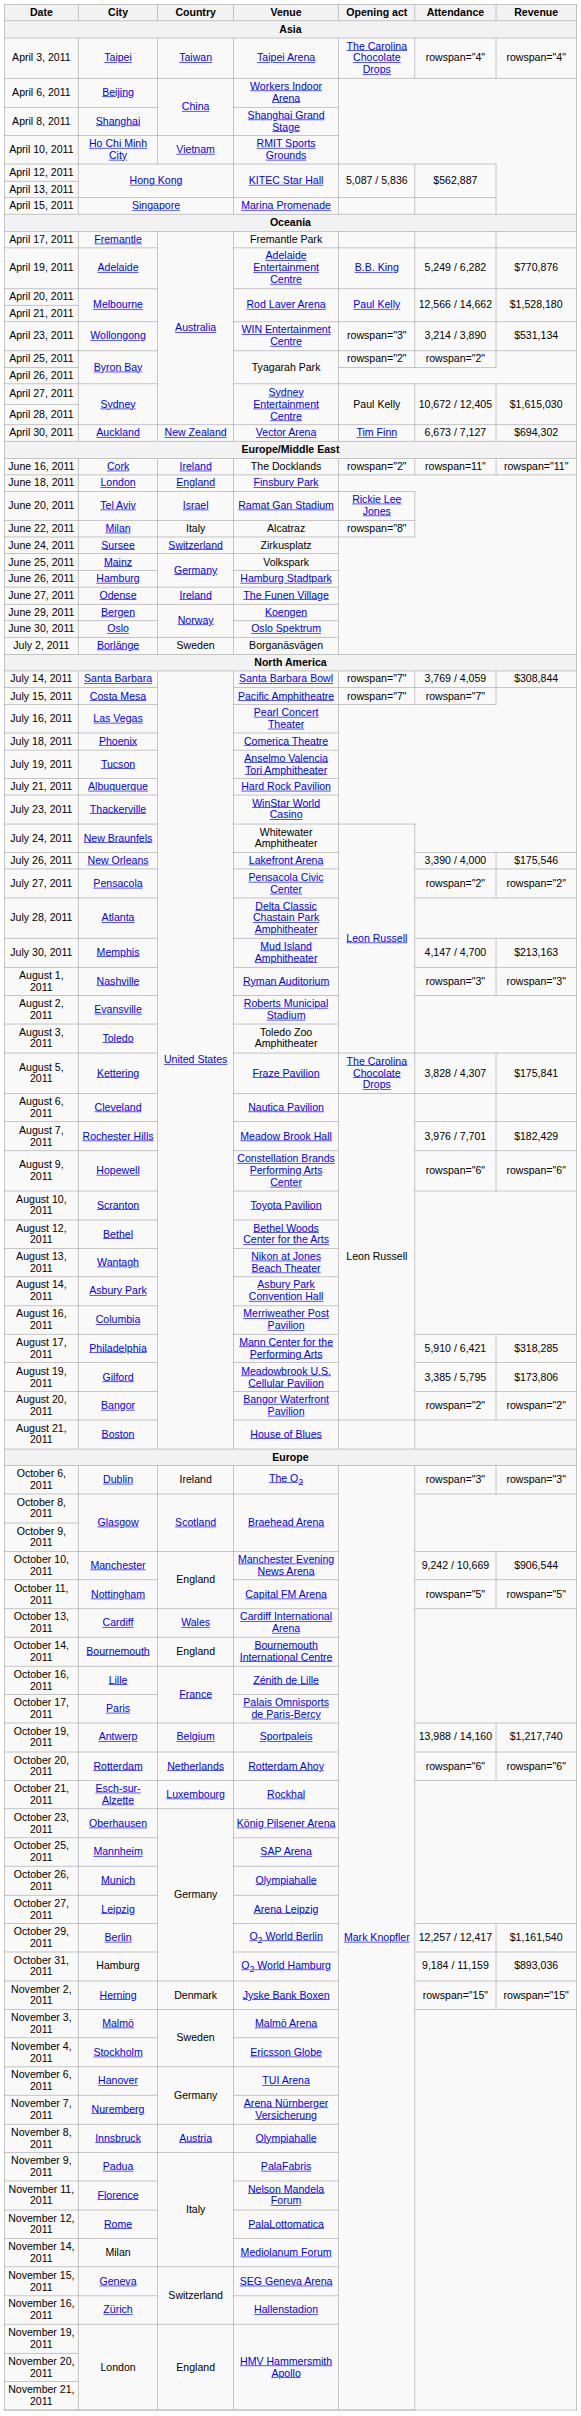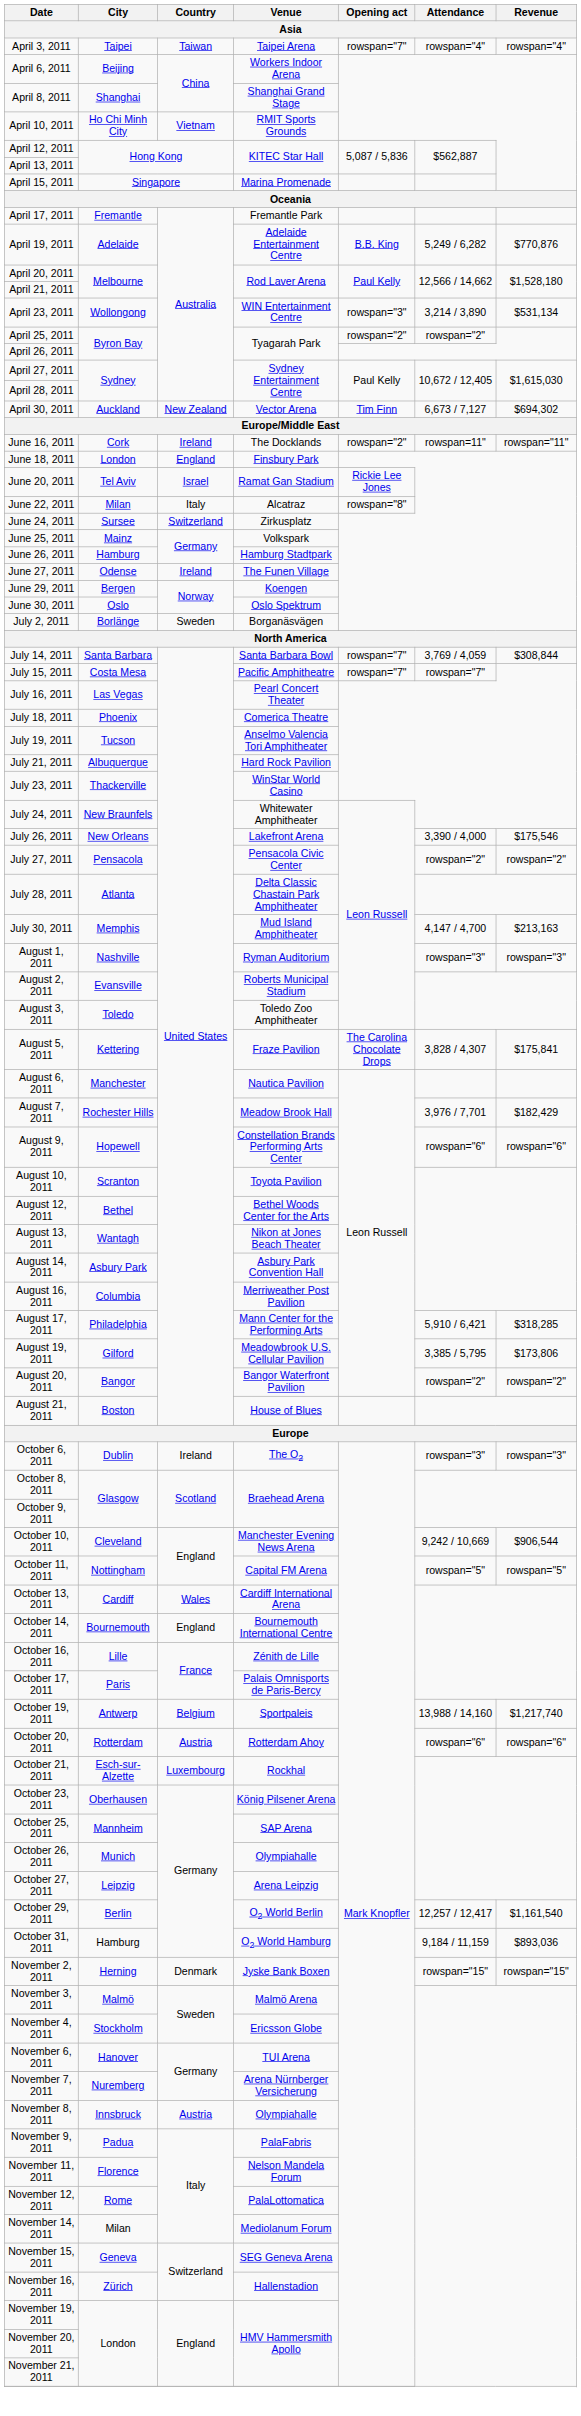 <table class="wikitable plainrowheaders" style="text-align:center;">
 <tr>
 <th scope="col" style="width:12em;">Date</th>
 <th scope="col" style="width:10em;">City</th>
 <th scope="col" style="width:10em;">Country</th>
 <th scope="col" style="width:16em;">Venue</th>
 <th scope="col" style="width:10em;">Opening act</th>
 <th scope="col" style="width:10em;">Attendance</th>
 <th scope="col" style="width:10em;">Revenue</th>
 </tr>
 <tr>
 <th colspan="7">Asia</th>
 </tr>
 <tr>
 <td>April 3, 2011</td>
 <td><a href='#'>Taipei</a></td>
 <td><a href='#'>Taiwan</a></td>
 <td><a href='#'>Taipei Arena</a></td>
-<td><a href='#'>The Carolina Chocolate Drops</a></td>
+<td>rowspan="7" </td>
 <td>rowspan="4" </td>
 <td>rowspan="4" </td>
 </tr>
 <tr>
 <td>April 6, 2011</td>
 <td><a href='#'>Beijing</a></td>
 <td rowspan="2"><a href='#'>China</a></td>
 <td><a href='#'>Workers Indoor Arena</a></td>
 </tr>
 <tr>
 <td>April 8, 2011</td>
 <td><a href='#'>Shanghai</a></td>
 <td><a href='#'>Shanghai Grand Stage</a></td>
 </tr>
 <tr>
 <td>April 10, 2011</td>
 <td><a href='#'>Ho Chi Minh City</a></td>
 <td><a href='#'>Vietnam</a></td>
 <td><a href='#'>RMIT Sports Grounds</a></td>
 </tr>
 <tr>
 <td>April 12, 2011</td>
 <td colspan="2" rowspan="2"><a href='#'>Hong Kong</a></td>
 <td rowspan="2"><a href='#'>KITEC Star Hall</a></td>
 <td rowspan="2">5,087 / 5,836</td>
 <td rowspan="2">$562,887</td>
 </tr>
 <tr>
 <td>April 13, 2011</td>
 </tr>
 <tr>
 <td>April 15, 2011</td>
 <td colspan="2"><a href='#'>Singapore</a></td>
 <td><a href='#'>Marina Promenade</a></td>
 <td></td>
 <td></td>
 </tr>
 <tr>
 <th colspan="7">Oceania</th>
 </tr>
 <tr>
 <td>April 17, 2011</td>
 <td><a href='#'>Fremantle</a></td>
 <td rowspan="9"><a href='#'>Australia</a></td>
 <td>Fremantle Park</td>
 <td></td>
 <td></td>
 <td></td>
 </tr>
 <tr>
 <td>April 19, 2011</td>
 <td><a href='#'>Adelaide</a></td>
 <td><a href='#'>Adelaide Entertainment Centre</a></td>
 <td><a href='#'>B.B. King</a></td>
 <td>5,249 / 6,282</td>
 <td>$770,876</td>
 </tr>
 <tr>
 <td>April 20, 2011</td>
 <td rowspan="2"><a href='#'>Melbourne</a></td>
 <td rowspan="2"><a href='#'>Rod Laver Arena</a></td>
 <td rowspan="2"><a href='#'>Paul Kelly</a></td>
 <td rowspan="2">12,566 / 14,662</td>
 <td rowspan="2">$1,528,180</td>
 </tr>
 <tr>
 <td>April 21, 2011</td>
 </tr>
 <tr>
 <td>April 23, 2011</td>
 <td><a href='#'>Wollongong</a></td>
 <td><a href='#'>WIN Entertainment Centre</a></td>
 <td>rowspan="3" </td>
 <td>3,214 / 3,890</td>
 <td>$531,134</td>
 </tr>
 <tr>
 <td>April 25, 2011</td>
 <td rowspan="2"><a href='#'>Byron Bay</a></td>
 <td rowspan="2">Tyagarah Park</td>
 <td>rowspan="2" </td>
 <td>rowspan="2" </td>
 </tr>
 <tr>
 <td>April 26, 2011</td>
 </tr>
 <tr>
 <td>April 27, 2011</td>
 <td rowspan="2"><a href='#'>Sydney</a></td>
 <td rowspan="2"><a href='#'>Sydney Entertainment Centre</a></td>
 <td rowspan="2">Paul Kelly</td>
 <td rowspan="2">10,672 / 12,405</td>
 <td rowspan="2">$1,615,030</td>
 </tr>
 <tr>
 <td>April 28, 2011</td>
 </tr>
 <tr>
 <td>April 30, 2011</td>
 <td><a href='#'>Auckland</a></td>
 <td><a href='#'>New Zealand</a></td>
 <td><a href='#'>Vector Arena</a></td>
 <td><a href='#'>Tim Finn</a></td>
 <td>6,673 / 7,127</td>
 <td>$694,302</td>
 </tr>
 <tr>
 <th colspan="7">Europe/Middle East</th>
 </tr>
 <tr>
 <td>June 16, 2011</td>
 <td><a href='#'>Cork</a></td>
 <td><a href='#'>Ireland</a></td>
 <td>The Docklands</td>
 <td>rowspan="2" </td>
 <td>rowspan=11" </td>
 <td>rowspan="11" </td>
 </tr>
 <tr>
 <td>June 18, 2011</td>
 <td><a href='#'>London</a></td>
 <td><a href='#'>England</a></td>
 <td><a href='#'>Finsbury Park</a></td>
 </tr>
 <tr>
 <td>June 20, 2011</td>
 <td><a href='#'>Tel Aviv</a></td>
 <td><a href='#'>Israel</a></td>
 <td><a href='#'>Ramat Gan Stadium</a></td>
 <td><a href='#'>Rickie Lee Jones</a></td>
 </tr>
 <tr>
 <td>June 22, 2011</td>
 <td><a href='#'>Milan</a></td>
 <td>Italy</td>
 <td>Alcatraz</td>
 <td>rowspan="8" </td>
 </tr>
 <tr>
 <td>June 24, 2011</td>
 <td><a href='#'>Sursee</a></td>
 <td><a href='#'>Switzerland</a></td>
 <td>Zirkusplatz</td>
 </tr>
 <tr>
 <td>June 25, 2011</td>
 <td><a href='#'>Mainz</a></td>
 <td rowspan="2"><a href='#'>Germany</a></td>
 <td>Volkspark</td>
 </tr>
 <tr>
 <td>June 26, 2011</td>
 <td><a href='#'>Hamburg</a></td>
 <td><a href='#'>Hamburg Stadtpark</a></td>
 </tr>
 <tr>
 <td>June 27, 2011</td>
 <td><a href='#'>Odense</a></td>
 <td><a href='#'>Ireland</a></td>
 <td><a href='#'>The Funen Village</a></td>
 </tr>
 <tr>
 <td>June 29, 2011</td>
 <td><a href='#'>Bergen</a></td>
 <td rowspan="2"><a href='#'>Norway</a></td>
 <td><a href='#'>Koengen</a></td>
 </tr>
 <tr>
 <td>June 30, 2011</td>
 <td><a href='#'>Oslo</a></td>
 <td><a href='#'>Oslo Spektrum</a></td>
 </tr>
 <tr>
 <td>July 2, 2011</td>
 <td><a href='#'>Borlänge</a></td>
 <td>Sweden</td>
 <td>Borganäsvägen</td>
 </tr>
 <tr>
 <th colspan="7">North America</th>
 </tr>
 <tr>
 <td>July 14, 2011</td>
 <td><a href='#'>Santa Barbara</a></td>
 <td rowspan="28"><a href='#'>United States</a></td>
 <td><a href='#'>Santa Barbara Bowl</a></td>
 <td>rowspan="7" </td>
 <td>3,769 / 4,059</td>
 <td>$308,844</td>
 </tr>
 <tr>
 <td>July 15, 2011</td>
 <td><a href='#'>Costa Mesa</a></td>
 <td><a href='#'>Pacific Amphitheatre</a></td>
 <td>rowspan="7" </td>
 <td>rowspan="7" </td>
 </tr>
 <tr>
 <td>July 16, 2011</td>
 <td><a href='#'>Las Vegas</a></td>
 <td><a href='#'>Pearl Concert Theater</a></td>
 </tr>
 <tr>
 <td>July 18, 2011</td>
 <td><a href='#'>Phoenix</a></td>
 <td><a href='#'>Comerica Theatre</a></td>
 </tr>
 <tr>
 <td>July 19, 2011</td>
 <td><a href='#'>Tucson</a></td>
 <td><a href='#'>Anselmo Valencia Tori Amphitheater</a></td>
 </tr>
 <tr>
 <td>July 21, 2011</td>
 <td><a href='#'>Albuquerque</a></td>
 <td><a href='#'>Hard Rock Pavilion</a></td>
 </tr>
 <tr>
 <td>July 23, 2011</td>
 <td><a href='#'>Thackerville</a></td>
 <td><a href='#'>WinStar World Casino</a></td>
 </tr>
 <tr>
 <td>July 24, 2011</td>
 <td><a href='#'>New Braunfels</a></td>
 <td>Whitewater Amphitheater</td>
 <td rowspan="8"><a href='#'>Leon Russell</a></td>
 </tr>
 <tr>
 <td>July 26, 2011</td>
 <td><a href='#'>New Orleans</a></td>
 <td><a href='#'>Lakefront Arena</a></td>
 <td>3,390 / 4,000</td>
 <td>$175,546</td>
 </tr>
 <tr>
 <td>July 27, 2011</td>
 <td><a href='#'>Pensacola</a></td>
 <td><a href='#'>Pensacola Civic Center</a></td>
 <td>rowspan="2" </td>
 <td>rowspan="2" </td>
 </tr>
 <tr>
 <td>July 28, 2011</td>
 <td><a href='#'>Atlanta</a></td>
 <td><a href='#'>Delta Classic Chastain Park Amphitheater</a></td>
 </tr>
 <tr>
 <td>July 30, 2011</td>
 <td><a href='#'>Memphis</a></td>
 <td><a href='#'>Mud Island Amphitheater</a></td>
 <td>4,147 / 4,700</td>
 <td>$213,163</td>
 </tr>
 <tr>
 <td>August 1, 2011</td>
 <td><a href='#'>Nashville</a></td>
 <td><a href='#'>Ryman Auditorium</a></td>
 <td>rowspan="3" </td>
 <td>rowspan="3" </td>
 </tr>
 <tr>
 <td>August 2, 2011</td>
 <td><a href='#'>Evansville</a></td>
 <td><a href='#'>Roberts Municipal Stadium</a></td>
 </tr>
 <tr>
 <td>August 3, 2011</td>
 <td><a href='#'>Toledo</a></td>
 <td>Toledo Zoo Amphitheater</td>
 </tr>
 <tr>
 <td>August 5, 2011</td>
 <td><a href='#'>Kettering</a></td>
 <td><a href='#'>Fraze Pavilion</a></td>
 <td><a href='#'>The Carolina Chocolate Drops</a></td>
 <td>3,828 / 4,307</td>
 <td>$175,841</td>
 </tr>
 <tr>
 <td>August 6, 2011</td>
-<td><a href='#'>Cleveland</a></td>
+<td><a href='#'>Manchester</a></td>
 <td><a href='#'>Nautica Pavilion</a></td>
 <td rowspan="11">Leon Russell</td>
 <td></td>
 <td></td>
 </tr>
 <tr>
 <td>August 7, 2011</td>
 <td><a href='#'>Rochester Hills</a></td>
 <td><a href='#'>Meadow Brook Hall</a></td>
 <td>3,976 / 7,701</td>
 <td>$182,429</td>
 </tr>
 <tr>
 <td>August 9, 2011</td>
 <td><a href='#'>Hopewell</a></td>
 <td><a href='#'>Constellation Brands Performing Arts Center</a></td>
 <td>rowspan="6" </td>
 <td>rowspan="6" </td>
 </tr>
 <tr>
 <td>August 10, 2011</td>
 <td><a href='#'>Scranton</a></td>
 <td><a href='#'>Toyota Pavilion</a></td>
 </tr>
 <tr>
 <td>August 12, 2011</td>
 <td><a href='#'>Bethel</a></td>
 <td><a href='#'>Bethel Woods Center for the Arts</a></td>
 </tr>
 <tr>
 <td>August 13, 2011</td>
 <td><a href='#'>Wantagh</a></td>
 <td><a href='#'>Nikon at Jones Beach Theater</a></td>
 </tr>
 <tr>
 <td>August 14, 2011</td>
 <td><a href='#'>Asbury Park</a></td>
 <td><a href='#'>Asbury Park Convention Hall</a></td>
 </tr>
 <tr>
 <td>August 16, 2011</td>
 <td><a href='#'>Columbia</a></td>
 <td><a href='#'>Merriweather Post Pavilion</a></td>
 </tr>
 <tr>
 <td>August 17, 2011</td>
 <td><a href='#'>Philadelphia</a></td>
 <td><a href='#'>Mann Center for the Performing Arts</a></td>
 <td>5,910 / 6,421</td>
 <td>$318,285</td>
 </tr>
 <tr>
 <td>August 19, 2011</td>
 <td><a href='#'>Gilford</a></td>
 <td><a href='#'>Meadowbrook U.S. Cellular Pavilion</a></td>
 <td>3,385 / 5,795</td>
 <td>$173,806</td>
 </tr>
 <tr>
 <td>August 20, 2011</td>
 <td><a href='#'>Bangor</a></td>
 <td><a href='#'>Bangor Waterfront Pavilion</a></td>
 <td>rowspan="2" </td>
 <td>rowspan="2" </td>
 </tr>
 <tr>
 <td>August 21, 2011</td>
 <td><a href='#'>Boston</a></td>
 <td><a href='#'>House of Blues</a></td>
 <td></td>
 </tr>
 <tr>
 <th colspan="7">Europe</th>
 </tr>
 <tr>
 <td>October 6, 2011</td>
 <td><a href='#'>Dublin</a></td>
 <td>Ireland</td>
 <td><a href='#'>The O<sub>2</sub></a></td>
 <td rowspan="33"><a href='#'>Mark Knopfler</a></td>
 <td>rowspan="3" </td>
 <td>rowspan="3" </td>
 </tr>
 <tr>
 <td>October 8, 2011</td>
 <td rowspan="2"><a href='#'>Glasgow</a></td>
 <td rowspan="2"><a href='#'>Scotland</a></td>
 <td rowspan="2"><a href='#'>Braehead Arena</a></td>
 </tr>
 <tr>
 <td>October 9, 2011</td>
 </tr>
 <tr>
 <td>October 10, 2011</td>
-<td><a href='#'>Manchester</a></td>
+<td><a href='#'>Cleveland</a></td>
 <td rowspan="2">England</td>
 <td><a href='#'>Manchester Evening News Arena</a></td>
 <td>9,242 / 10,669</td>
 <td>$906,544</td>
 </tr>
 <tr>
 <td>October 11, 2011</td>
 <td><a href='#'>Nottingham</a></td>
 <td><a href='#'>Capital FM Arena</a></td>
 <td>rowspan="5" </td>
 <td>rowspan="5" </td>
 </tr>
 <tr>
 <td>October 13, 2011</td>
 <td><a href='#'>Cardiff</a></td>
 <td><a href='#'>Wales</a></td>
 <td><a href='#'>Cardiff International Arena</a></td>
 </tr>
 <tr>
 <td>October 14, 2011</td>
 <td><a href='#'>Bournemouth</a></td>
 <td>England</td>
 <td><a href='#'>Bournemouth International Centre</a></td>
 </tr>
 <tr>
 <td>October 16, 2011</td>
 <td><a href='#'>Lille</a></td>
 <td rowspan="2"><a href='#'>France</a></td>
 <td><a href='#'>Zénith de Lille</a></td>
 </tr>
 <tr>
 <td>October 17, 2011</td>
 <td><a href='#'>Paris</a></td>
 <td><a href='#'>Palais Omnisports de Paris-Bercy</a></td>
 </tr>
 <tr>
 <td>October 19, 2011</td>
 <td><a href='#'>Antwerp</a></td>
 <td><a href='#'>Belgium</a></td>
 <td><a href='#'>Sportpaleis</a></td>
 <td>13,988 / 14,160</td>
 <td>$1,217,740</td>
 </tr>
 <tr>
 <td>October 20, 2011</td>
 <td><a href='#'>Rotterdam</a></td>
-<td><a href='#'>Netherlands</a></td>
+<td><a href='#'>Austria</a></td>
 <td><a href='#'>Rotterdam Ahoy</a></td>
 <td>rowspan="6" </td>
 <td>rowspan="6" </td>
 </tr>
 <tr>
 <td>October 21, 2011</td>
 <td><a href='#'>Esch-sur-Alzette</a></td>
 <td><a href='#'>Luxembourg</a></td>
 <td><a href='#'>Rockhal</a></td>
 </tr>
 <tr>
 <td>October 23, 2011</td>
 <td><a href='#'>Oberhausen</a></td>
 <td rowspan="6">Germany</td>
 <td><a href='#'>König Pilsener Arena</a></td>
 </tr>
 <tr>
 <td>October 25, 2011</td>
 <td><a href='#'>Mannheim</a></td>
 <td><a href='#'>SAP Arena</a></td>
 </tr>
 <tr>
 <td>October 26, 2011</td>
 <td><a href='#'>Munich</a></td>
 <td><a href='#'>Olympiahalle</a></td>
 </tr>
 <tr>
 <td>October 27, 2011</td>
 <td><a href='#'>Leipzig</a></td>
 <td><a href='#'>Arena Leipzig</a></td>
 </tr>
 <tr>
 <td>October 29, 2011</td>
 <td><a href='#'>Berlin</a></td>
 <td><a href='#'>O<sub>2</sub> World Berlin</a></td>
 <td>12,257 / 12,417</td>
 <td>$1,161,540</td>
 </tr>
 <tr>
 <td>October 31, 2011</td>
 <td>Hamburg</td>
 <td><a href='#'>O<sub>2</sub> World Hamburg</a></td>
 <td>9,184 / 11,159</td>
 <td>$893,036</td>
 </tr>
 <tr>
 <td>November 2, 2011</td>
 <td><a href='#'>Herning</a></td>
 <td>Denmark</td>
 <td><a href='#'>Jyske Bank Boxen</a></td>
 <td>rowspan="15" </td>
 <td>rowspan="15" </td>
 </tr>
 <tr>
 <td>November 3, 2011</td>
 <td><a href='#'>Malmö</a></td>
 <td rowspan="2">Sweden</td>
 <td><a href='#'>Malmö Arena</a></td>
 </tr>
 <tr>
 <td>November 4, 2011</td>
 <td><a href='#'>Stockholm</a></td>
 <td><a href='#'>Ericsson Globe</a></td>
 </tr>
 <tr>
 <td>November 6, 2011</td>
 <td><a href='#'>Hanover</a></td>
 <td rowspan="2">Germany</td>
 <td><a href='#'>TUI Arena</a></td>
 </tr>
 <tr>
 <td>November 7, 2011</td>
 <td><a href='#'>Nuremberg</a></td>
 <td><a href='#'>Arena Nürnberger Versicherung</a></td>
 </tr>
 <tr>
 <td>November 8, 2011</td>
 <td><a href='#'>Innsbruck</a></td>
 <td><a href='#'>Austria</a></td>
 <td><a href='#'>Olympiahalle</a></td>
 </tr>
 <tr>
 <td>November 9, 2011</td>
 <td><a href='#'>Padua</a></td>
 <td rowspan="4">Italy</td>
 <td><a href='#'>PalaFabris</a></td>
 </tr>
 <tr>
 <td>November 11, 2011</td>
 <td><a href='#'>Florence</a></td>
 <td><a href='#'>Nelson Mandela Forum</a></td>
 </tr>
 <tr>
 <td>November 12, 2011</td>
 <td><a href='#'>Rome</a></td>
 <td><a href='#'>PalaLottomatica</a></td>
 </tr>
 <tr>
 <td>November 14, 2011</td>
 <td>Milan</td>
 <td><a href='#'>Mediolanum Forum</a></td>
 </tr>
 <tr>
 <td>November 15, 2011</td>
 <td><a href='#'>Geneva</a></td>
 <td rowspan="2">Switzerland</td>
 <td><a href='#'>SEG Geneva Arena</a></td>
 </tr>
 <tr>
 <td>November 16, 2011</td>
 <td><a href='#'>Zürich</a></td>
 <td><a href='#'>Hallenstadion</a></td>
 </tr>
 <tr>
 <td>November 19, 2011</td>
 <td rowspan="3">London</td>
 <td rowspan="3">England</td>
 <td rowspan="3"><a href='#'>HMV Hammersmith Apollo</a></td>
 </tr>
 <tr>
 <td>November 20, 2011</td>
 </tr>
 <tr>
 <td>November 21, 2011</td>
 </tr>
 <tr>
 </tr>
 </table>
